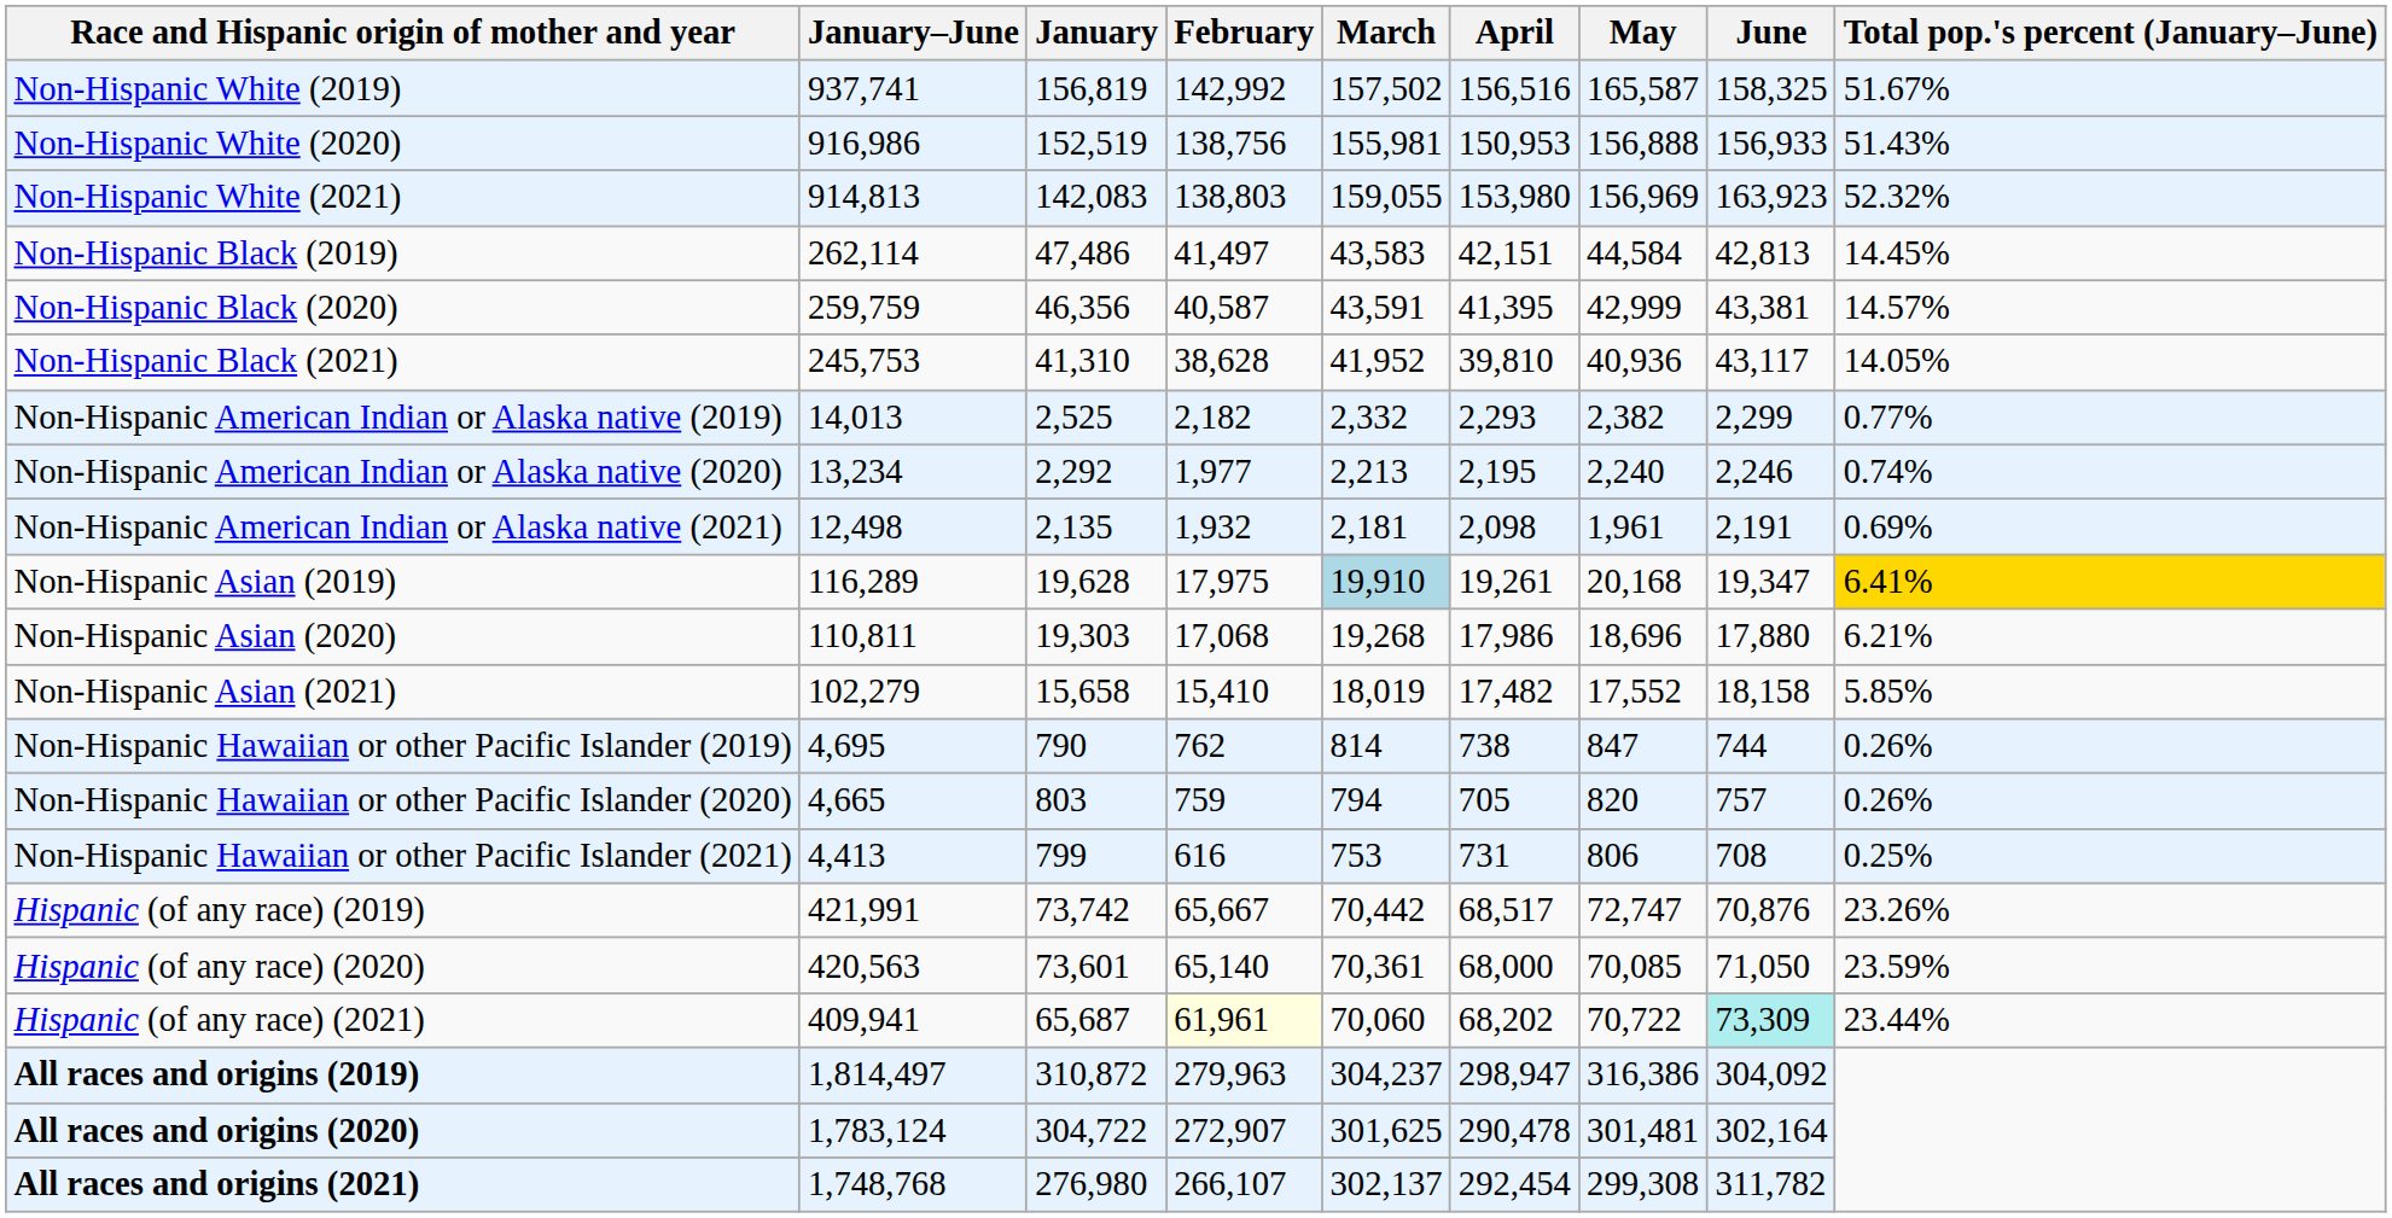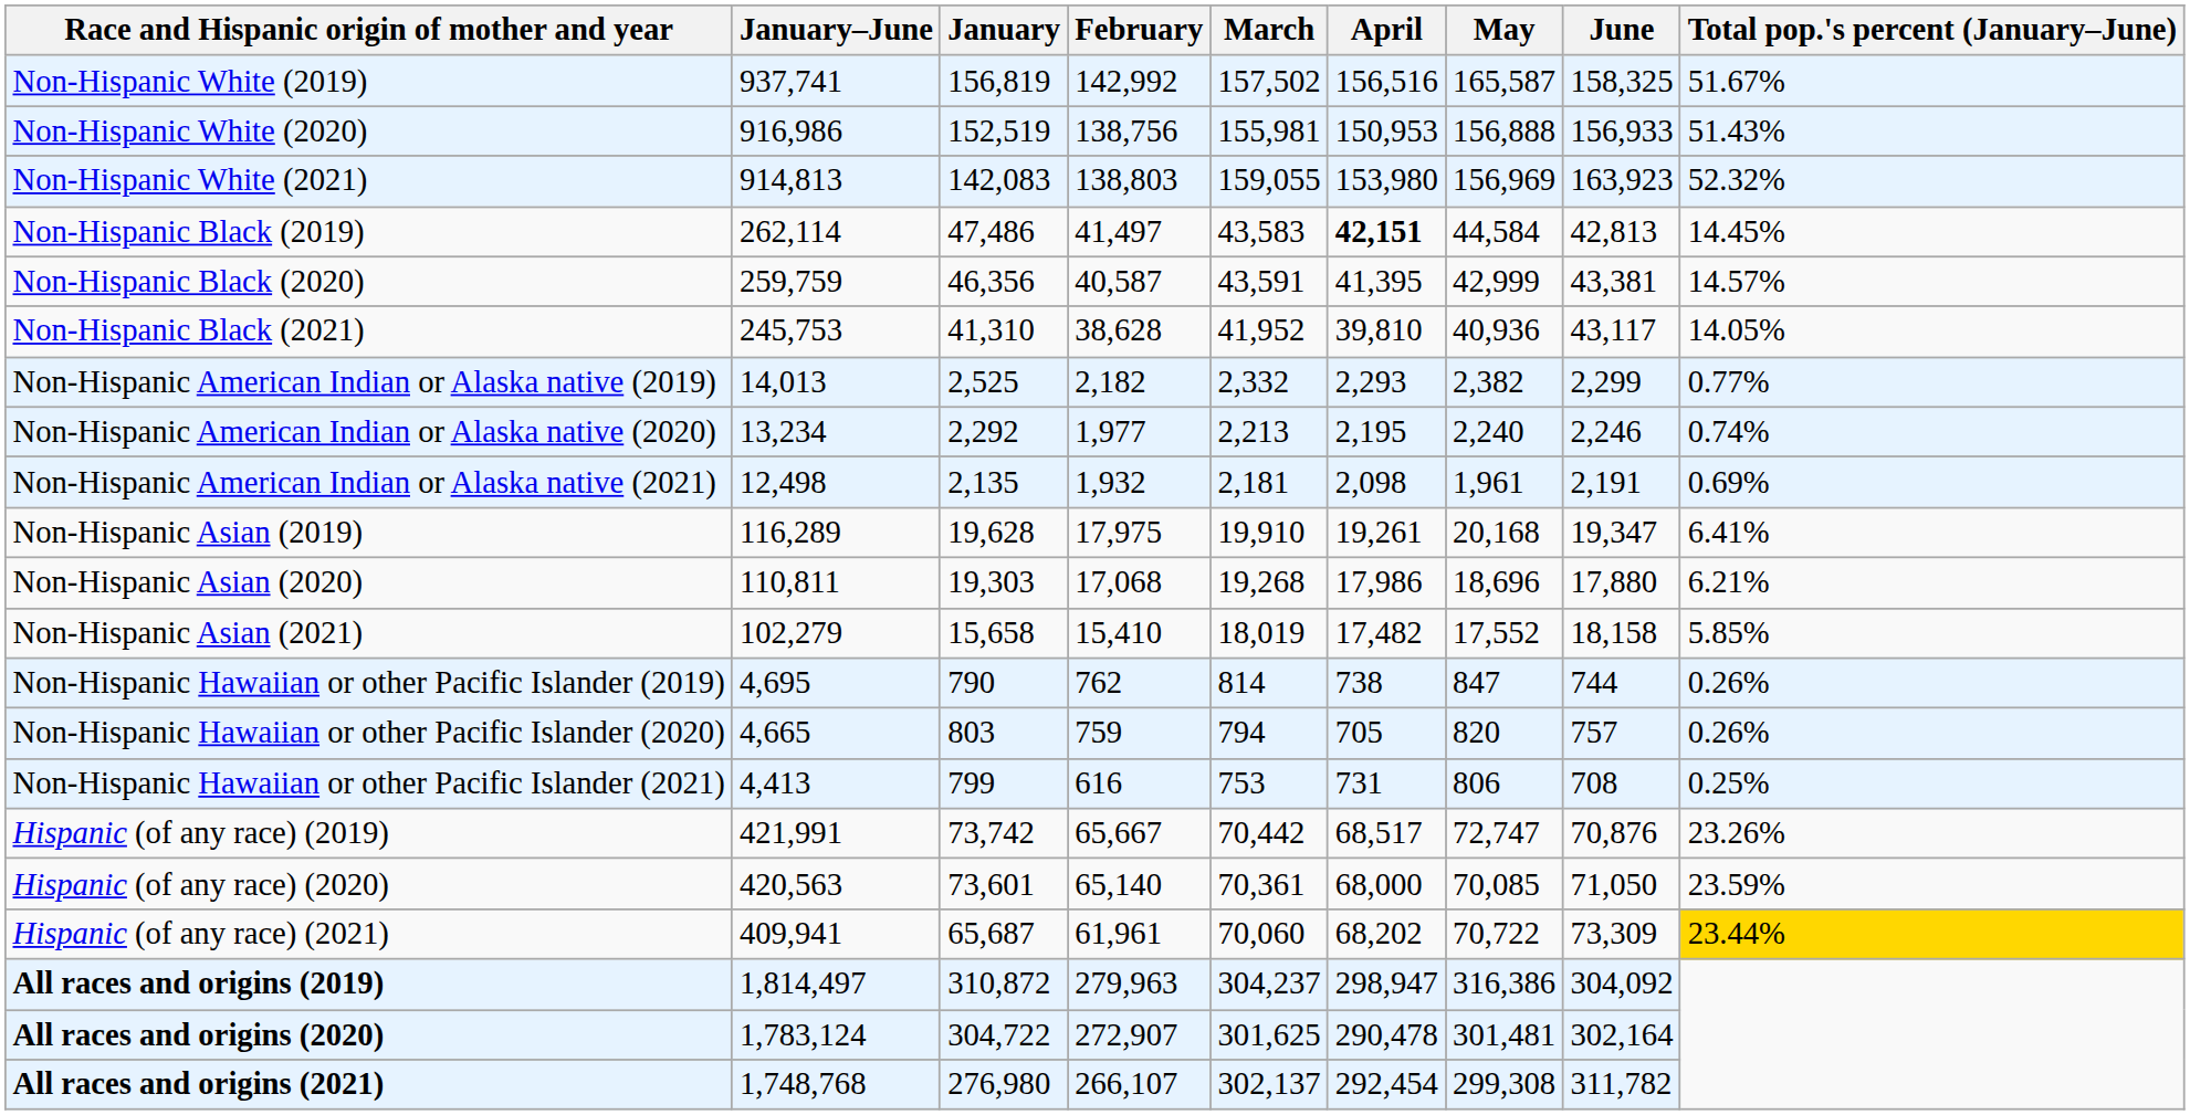 <table class="wikitable">
 <tr>
 <th>Race and Hispanic origin of mother and year</th>
 <th>January–June</th>
 <th>January</th>
 <th>February</th>
 <th>March</th>
 <th>April</th>
 <th>May</th>
 <th>June</th>
 <th>Total pop.'s percent (January–June)</th>
 </tr>
 <tr style="background:#e6f3ff">
 <td><a href='#'>Non-Hispanic White</a> (2019)</td>
 <td>937,741</td>
 <td>156,819</td>
 <td>142,992</td>
 <td>157,502</td>
 <td>156,516</td>
 <td>165,587</td>
 <td>158,325</td>
 <td>51.67%</td>
 </tr>
 <tr style="background:#e6f3ff">
 <td><a href='#'>Non-Hispanic White</a> (2020)</td>
 <td>916,986</td>
 <td>152,519</td>
 <td>138,756</td>
 <td>155,981</td>
 <td>150,953</td>
 <td>156,888</td>
 <td>156,933</td>
 <td>51.43%</td>
 </tr>
 <tr style="background:#e6f3ff">
 <td><a href='#'>Non-Hispanic White</a> (2021)</td>
 <td>914,813</td>
 <td>142,083</td>
 <td>138,803</td>
 <td>159,055</td>
 <td>153,980</td>
 <td>156,969</td>
 <td>163,923</td>
 <td>52.32%</td>
 </tr>
 <tr>
 <td><a href='#'>Non-Hispanic Black</a> (2019)</td>
 <td>262,114</td>
 <td>47,486</td>
 <td>41,497</td>
 <td>43,583</td>
-<td>42,151</td>
+<td><strong>42,151</strong></td>
 <td>44,584</td>
 <td>42,813</td>
 <td>14.45%</td>
 </tr>
 <tr>
 <td><a href='#'>Non-Hispanic Black</a> (2020)</td>
 <td>259,759</td>
 <td>46,356</td>
 <td>40,587</td>
 <td>43,591</td>
 <td>41,395</td>
 <td>42,999</td>
 <td>43,381</td>
 <td>14.57%</td>
 </tr>
 <tr>
 <td><a href='#'>Non-Hispanic Black</a> (2021)</td>
 <td>245,753</td>
 <td>41,310</td>
 <td>38,628</td>
 <td>41,952</td>
 <td>39,810</td>
 <td>40,936</td>
 <td>43,117</td>
 <td>14.05%</td>
 </tr>
 <tr style="background:#e6f3ff">
 <td>Non-Hispanic <a href='#'>American Indian</a> or <a href='#'>Alaska native</a> (2019)</td>
 <td>14,013</td>
 <td>2,525</td>
 <td>2,182</td>
 <td>2,332</td>
 <td>2,293</td>
 <td>2,382</td>
 <td>2,299</td>
 <td>0.77%</td>
 </tr>
 <tr style="background:#e6f3ff">
 <td>Non-Hispanic <a href='#'>American Indian</a> or <a href='#'>Alaska native</a> (2020)</td>
 <td>13,234</td>
 <td>2,292</td>
 <td>1,977</td>
 <td>2,213</td>
 <td>2,195</td>
 <td>2,240</td>
 <td>2,246</td>
 <td>0.74%</td>
 </tr>
 <tr style="background:#e6f3ff">
 <td>Non-Hispanic <a href='#'>American Indian</a> or <a href='#'>Alaska native</a> (2021)</td>
 <td>12,498</td>
 <td>2,135</td>
 <td>1,932</td>
 <td>2,181</td>
 <td>2,098</td>
 <td>1,961</td>
 <td>2,191</td>
 <td>0.69%</td>
 </tr>
 <tr>
 <td>Non-Hispanic <a href='#'>Asian</a> (2019)</td>
 <td>116,289</td>
 <td>19,628</td>
 <td>17,975</td>
-<td style="background: lightblue;">19,910</td>
+<td>19,910</td>
 <td>19,261</td>
 <td>20,168</td>
 <td>19,347</td>
-<td style="background: gold;">6.41%</td>
+<td>6.41%</td>
 </tr>
 <tr>
 <td>Non-Hispanic <a href='#'>Asian</a> (2020)</td>
 <td>110,811</td>
 <td>19,303</td>
 <td>17,068</td>
 <td>19,268</td>
 <td>17,986</td>
 <td>18,696</td>
 <td>17,880</td>
 <td>6.21%</td>
 </tr>
 <tr>
 <td>Non-Hispanic <a href='#'>Asian</a> (2021)</td>
 <td>102,279</td>
 <td>15,658</td>
 <td>15,410</td>
 <td>18,019</td>
 <td>17,482</td>
 <td>17,552</td>
 <td>18,158</td>
 <td>5.85%</td>
 </tr>
 <tr style="background:#e6f3ff">
 <td>Non-Hispanic <a href='#'>Hawaiian</a> or other Pacific Islander (2019)</td>
 <td>4,695</td>
 <td>790</td>
 <td>762</td>
 <td>814</td>
 <td>738</td>
 <td>847</td>
 <td>744</td>
 <td>0.26%</td>
 </tr>
 <tr style="background:#e6f3ff">
 <td>Non-Hispanic <a href='#'>Hawaiian</a> or other Pacific Islander (2020)</td>
 <td>4,665</td>
 <td>803</td>
 <td>759</td>
 <td>794</td>
 <td>705</td>
 <td>820</td>
 <td>757</td>
 <td>0.26%</td>
 </tr>
 <tr style="background:#e6f3ff">
 <td>Non-Hispanic <a href='#'>Hawaiian</a> or other Pacific Islander (2021)</td>
 <td>4,413</td>
 <td>799</td>
 <td>616</td>
 <td>753</td>
 <td>731</td>
 <td>806</td>
 <td>708</td>
 <td>0.25%</td>
 </tr>
 <tr>
 <td><em><a href='#'>Hispanic</a></em> (of any race) (2019)</td>
 <td>421,991</td>
 <td>73,742</td>
 <td>65,667</td>
 <td>70,442</td>
 <td>68,517</td>
 <td>72,747</td>
 <td>70,876</td>
 <td>23.26%</td>
 </tr>
 <tr>
 <td><em><a href='#'>Hispanic</a></em> (of any race) (2020)</td>
 <td>420,563</td>
 <td>73,601</td>
 <td>65,140</td>
 <td>70,361</td>
 <td>68,000</td>
 <td>70,085</td>
 <td>71,050</td>
 <td>23.59%</td>
 </tr>
 <tr>
 <td><em><a href='#'>Hispanic</a></em> (of any race) (2021)</td>
 <td>409,941</td>
 <td>65,687</td>
-<td style="background: lightyellow;">61,961</td>
+<td>61,961</td>
 <td>70,060</td>
 <td>68,202</td>
 <td>70,722</td>
-<td style="background: paleturquoise;">73,309</td>
-<td>23.44%</td>
+<td>73,309</td>
+<td style="background: gold;">23.44%</td>
 </tr>
 <tr style="background:#e6f3ff">
 <td><strong>All races and origins (2019)</strong></td>
 <td>1,814,497</td>
 <td>310,872</td>
 <td>279,963</td>
 <td>304,237</td>
 <td>298,947</td>
 <td>316,386</td>
 <td>304,092</td>
 </tr>
 <tr style="background:#e6f3ff">
 <td><strong>All races and origins (2020)</strong></td>
 <td>1,783,124</td>
 <td>304,722</td>
 <td>272,907</td>
 <td>301,625</td>
 <td>290,478</td>
 <td>301,481</td>
 <td>302,164</td>
 </tr>
 <tr style="background:#e6f3ff">
 <td><strong>All races and origins (2021)</strong></td>
 <td>1,748,768</td>
 <td>276,980</td>
 <td>266,107</td>
 <td>302,137</td>
 <td>292,454</td>
 <td>299,308</td>
 <td>311,782</td>
 </tr>
 </table>
